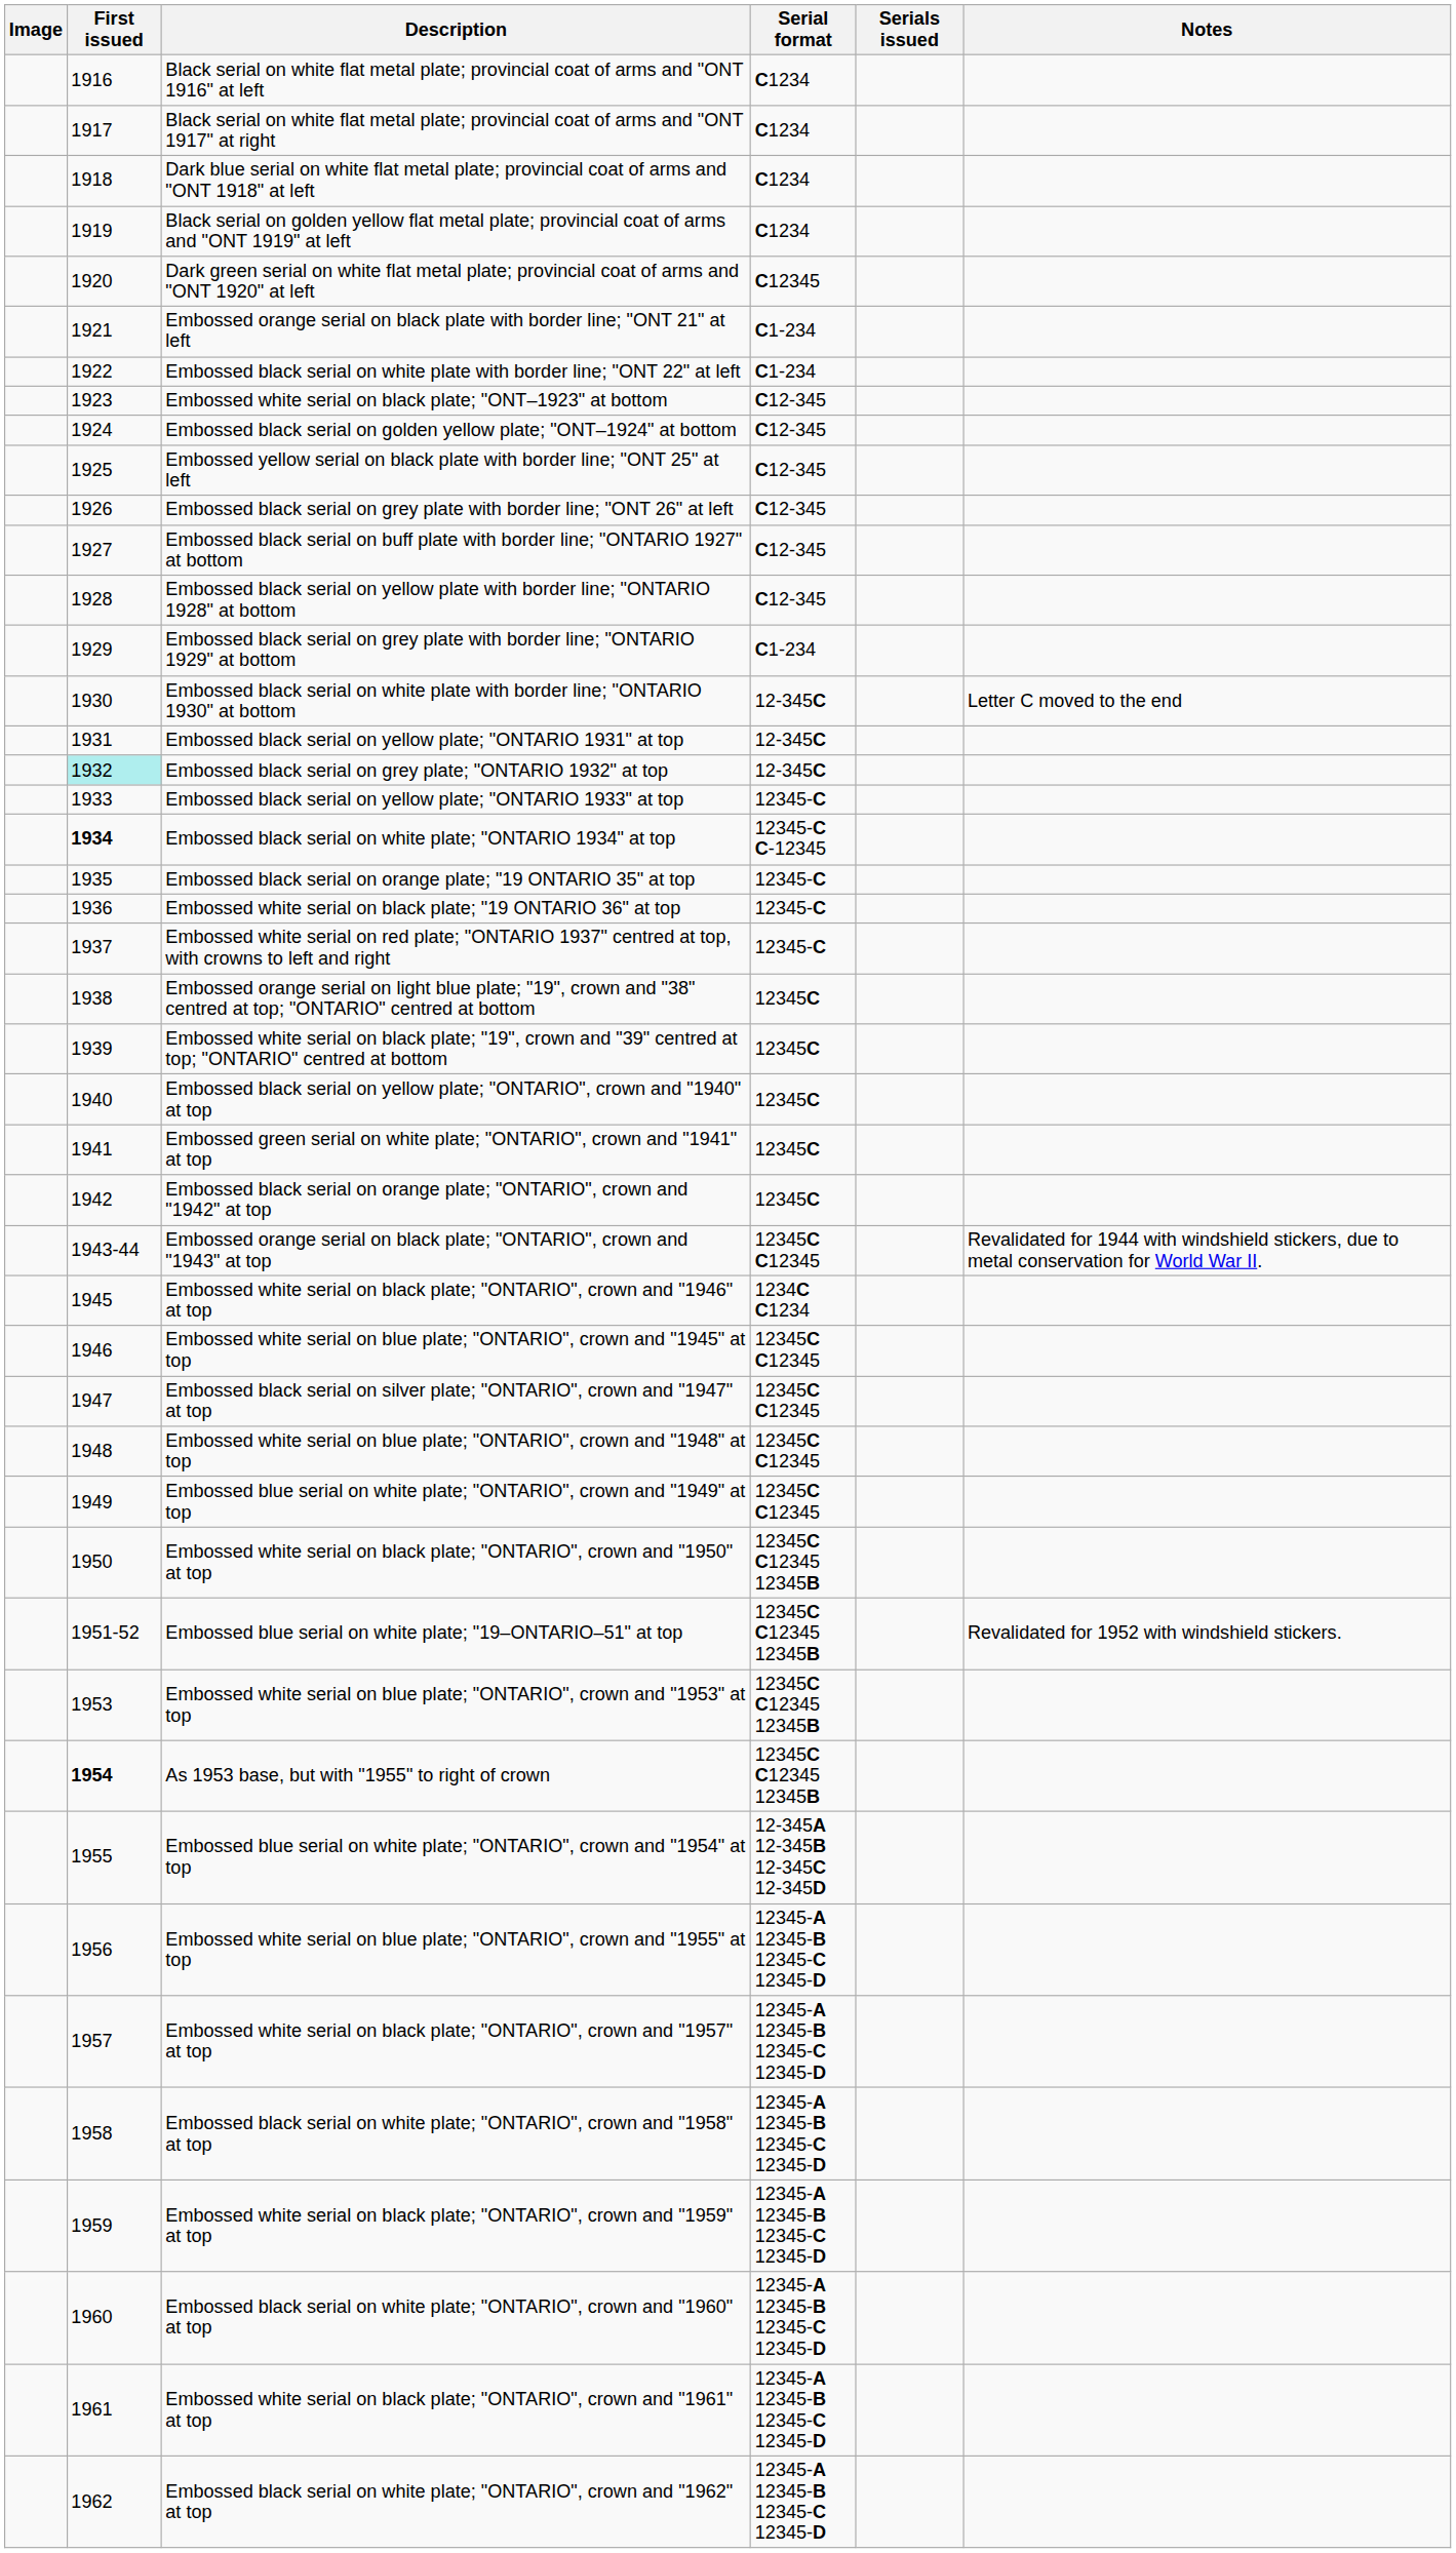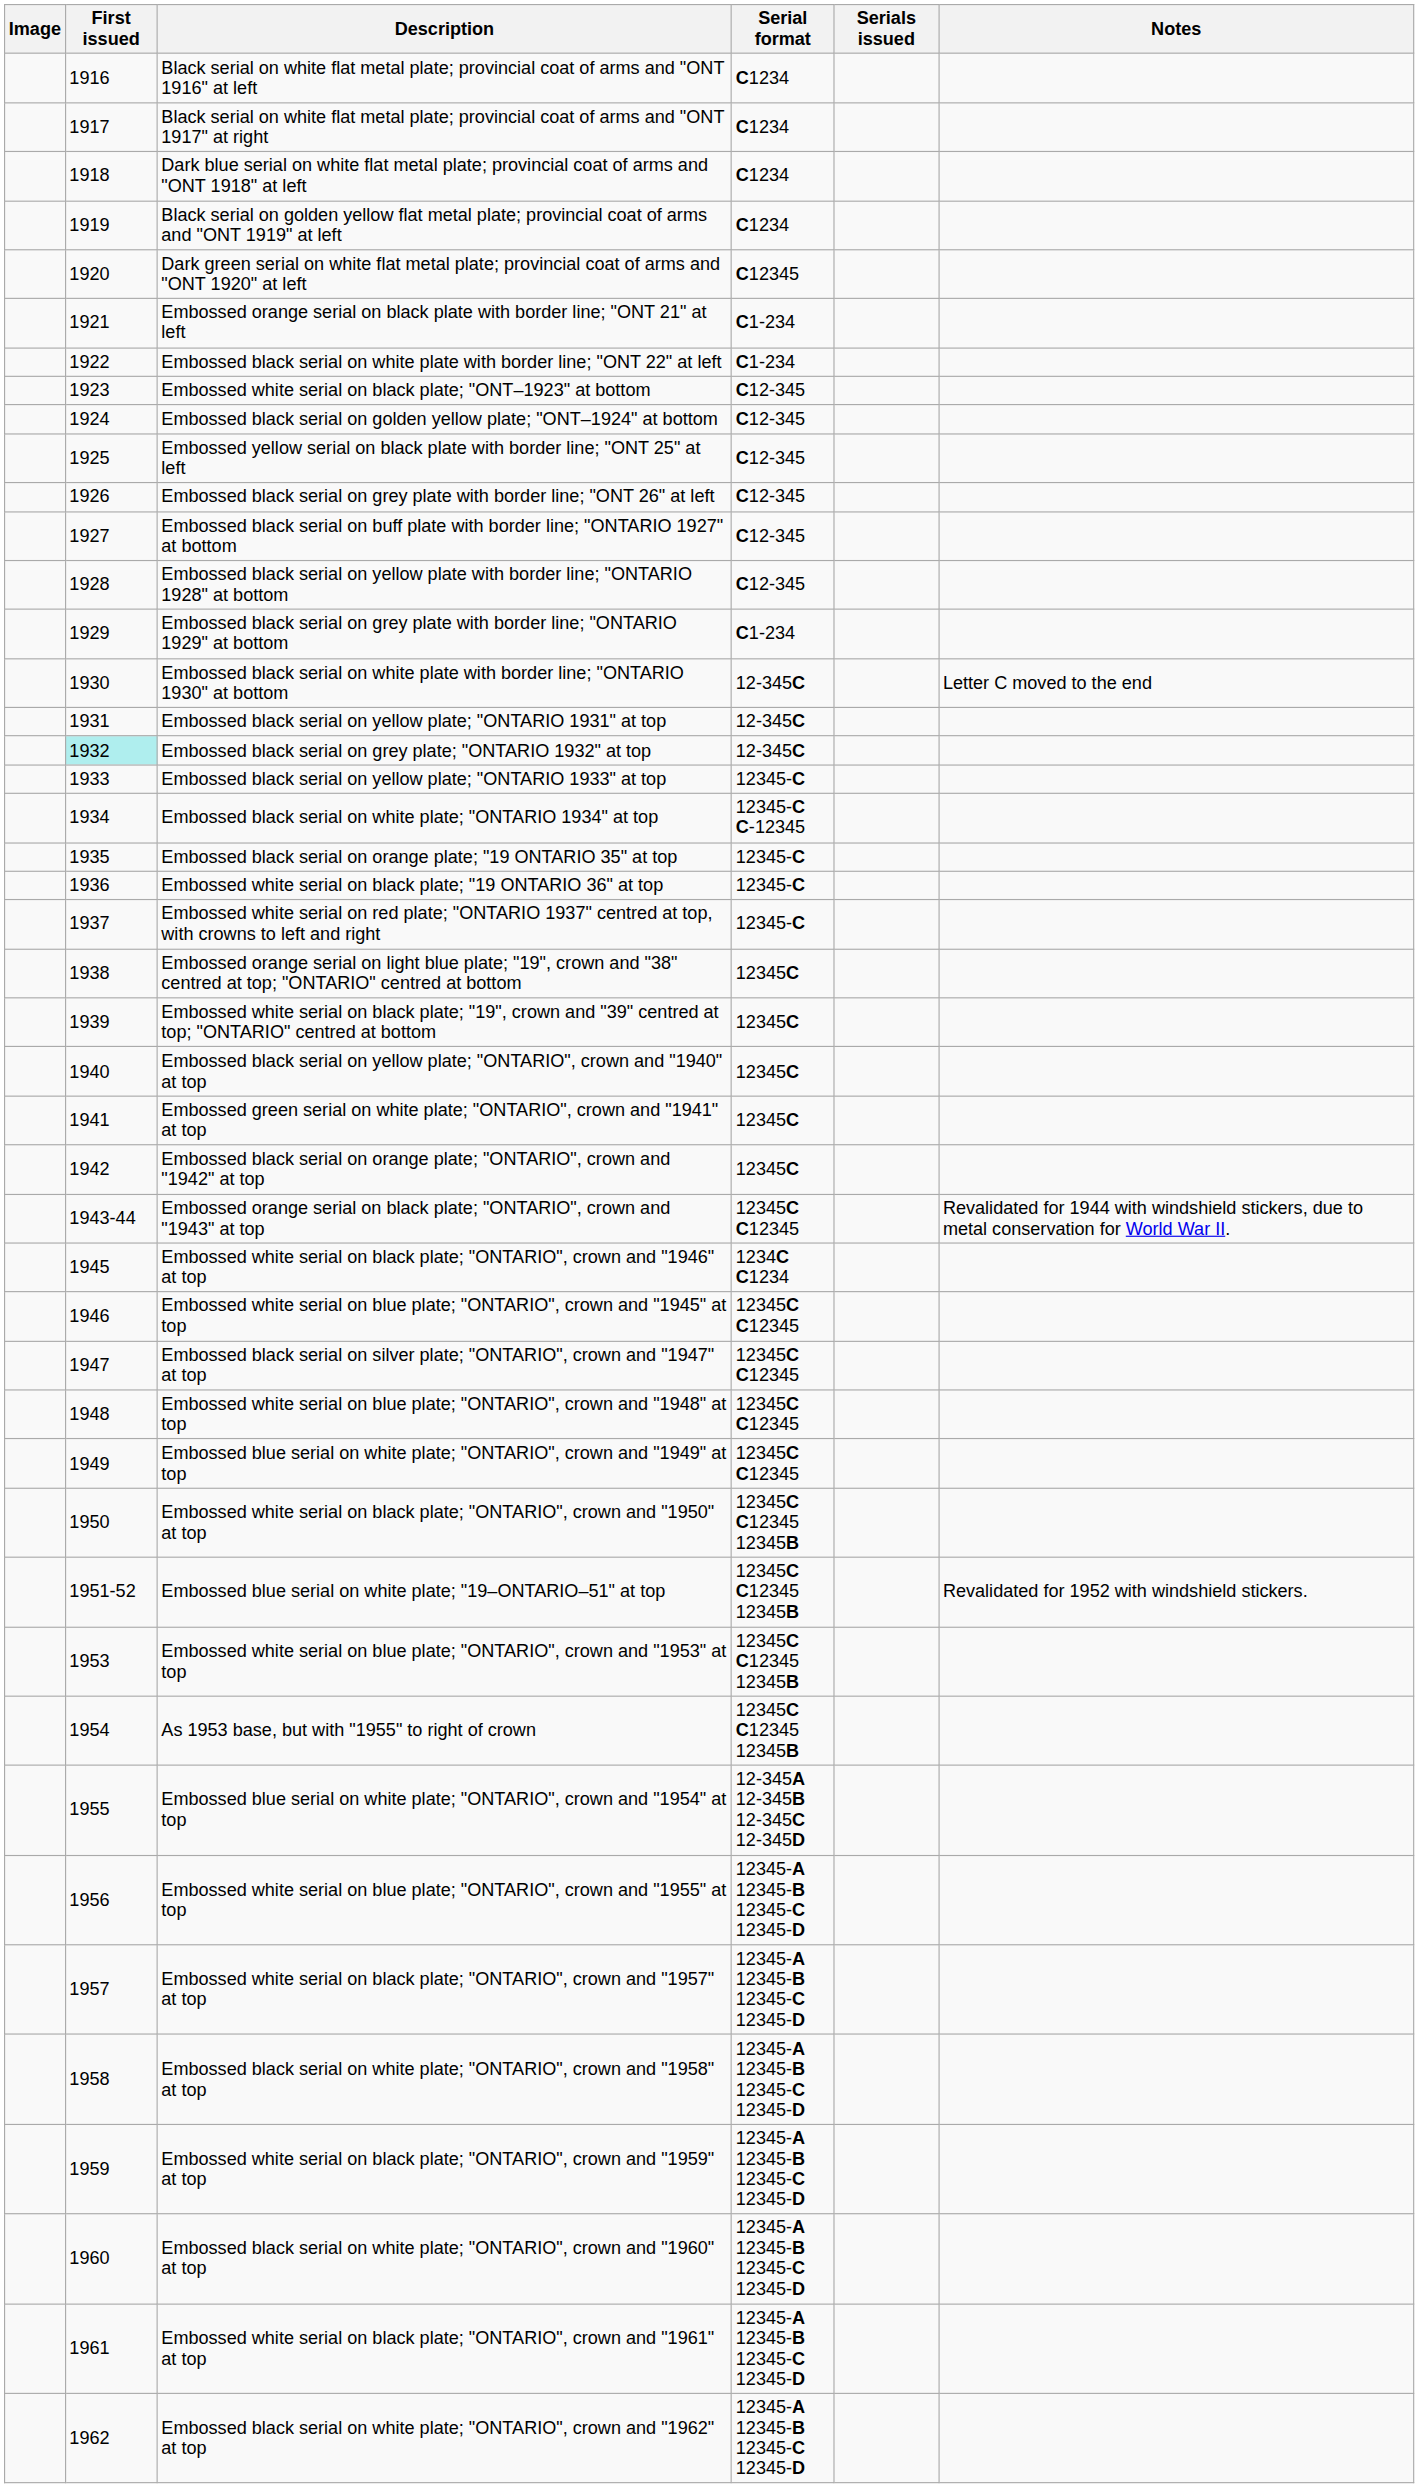 <table class="wikitable">
 <tr>
 <th>Image</th>
 <th>First issued</th>
 <th>Description</th>
 <th>Serial format</th>
 <th>Serials issued</th>
 <th>Notes</th>
 </tr>
 <tr>
 <td></td>
 <td>1916</td>
 <td>Black serial on white flat metal plate; provincial coat of arms and "ONT 1916" at left</td>
 <td><strong>C</strong>1234</td>
 <td></td>
 <td></td>
 </tr>
 <tr>
 <td></td>
 <td>1917</td>
 <td>Black serial on white flat metal plate; provincial coat of arms and "ONT 1917" at right</td>
 <td><strong>C</strong>1234</td>
 <td></td>
 <td></td>
 </tr>
 <tr>
 <td></td>
 <td>1918</td>
 <td>Dark blue serial on white flat metal plate; provincial coat of arms and "ONT 1918" at left</td>
 <td><strong>C</strong>1234</td>
 <td></td>
 <td></td>
 </tr>
 <tr>
 <td></td>
 <td>1919</td>
 <td>Black serial on golden yellow flat metal plate; provincial coat of arms and "ONT 1919" at left</td>
 <td><strong>C</strong>1234</td>
 <td></td>
 <td></td>
 </tr>
 <tr>
 <td></td>
 <td>1920</td>
 <td>Dark green serial on white flat metal plate; provincial coat of arms and "ONT 1920" at left</td>
 <td><strong>C</strong>12345</td>
 <td></td>
 <td></td>
 </tr>
 <tr>
 <td></td>
 <td>1921</td>
 <td>Embossed orange serial on black plate with border line; "ONT 21" at left</td>
 <td><strong>C</strong>1-234</td>
 <td></td>
 <td></td>
 </tr>
 <tr>
 <td></td>
 <td>1922</td>
 <td>Embossed black serial on white plate with border line; "ONT 22" at left</td>
 <td><strong>C</strong>1-234</td>
 <td></td>
 <td></td>
 </tr>
 <tr>
 <td></td>
 <td>1923</td>
 <td>Embossed white serial on black plate; "ONT–1923" at bottom</td>
 <td><strong>C</strong>12-345</td>
 <td></td>
 <td></td>
 </tr>
 <tr>
 <td></td>
 <td>1924</td>
 <td>Embossed black serial on golden yellow plate; "ONT–1924" at bottom</td>
 <td><strong>C</strong>12-345</td>
 <td></td>
 <td></td>
 </tr>
 <tr>
 <td></td>
 <td>1925</td>
 <td>Embossed yellow serial on black plate with border line; "ONT 25" at left</td>
 <td><strong>C</strong>12-345</td>
 <td></td>
 <td></td>
 </tr>
 <tr>
 <td></td>
 <td>1926</td>
 <td>Embossed black serial on grey plate with border line; "ONT 26" at left</td>
 <td><strong>C</strong>12-345</td>
 <td></td>
 <td></td>
 </tr>
 <tr>
 <td></td>
 <td>1927</td>
 <td>Embossed black serial on buff plate with border line; "ONTARIO 1927" at bottom</td>
 <td><strong>C</strong>12-345</td>
 <td></td>
 <td></td>
 </tr>
 <tr>
 <td></td>
 <td>1928</td>
 <td>Embossed black serial on yellow plate with border line; "ONTARIO 1928" at bottom</td>
 <td><strong>C</strong>12-345</td>
 <td></td>
 <td></td>
 </tr>
 <tr>
 <td></td>
 <td>1929</td>
 <td>Embossed black serial on grey plate with border line; "ONTARIO 1929" at bottom</td>
 <td><strong>C</strong>1-234</td>
 <td></td>
 <td></td>
 </tr>
 <tr>
 <td></td>
 <td>1930</td>
 <td>Embossed black serial on white plate with border line; "ONTARIO 1930" at bottom</td>
 <td>12-345<strong>C</strong></td>
 <td></td>
 <td>Letter C moved to the end</td>
 </tr>
 <tr>
 <td></td>
 <td>1931</td>
 <td>Embossed black serial on yellow plate; "ONTARIO 1931" at top</td>
 <td>12-345<strong>C</strong></td>
 <td></td>
 <td></td>
 </tr>
 <tr>
 <td></td>
 <td style="background: paleturquoise;">1932</td>
 <td>Embossed black serial on grey plate; "ONTARIO 1932" at top</td>
 <td>12-345<strong>C</strong></td>
 <td></td>
 <td></td>
 </tr>
 <tr>
 <td></td>
 <td>1933</td>
 <td>Embossed black serial on yellow plate; "ONTARIO 1933" at top</td>
 <td>12345-<strong>C</strong></td>
 <td></td>
 <td></td>
 </tr>
 <tr>
 <td></td>
-<td><strong>1934</strong></td>
+<td>1934</td>
 <td>Embossed black serial on white plate; "ONTARIO 1934" at top</td>
 <td>12345-<strong>C</strong><br> <strong>C</strong>-12345</td>
 <td></td>
 <td></td>
 </tr>
 <tr>
 <td></td>
 <td>1935</td>
 <td>Embossed black serial on orange plate; "19 ONTARIO 35" at top</td>
 <td>12345-<strong>C</strong></td>
 <td></td>
 <td></td>
 </tr>
 <tr>
 <td></td>
 <td>1936</td>
 <td>Embossed white serial on black plate; "19 ONTARIO 36" at top</td>
 <td>12345-<strong>C</strong></td>
 <td></td>
 <td></td>
 </tr>
 <tr>
 <td></td>
 <td>1937</td>
 <td>Embossed white serial on red plate; "ONTARIO 1937" centred at top, with crowns to left and right</td>
 <td>12345-<strong>C</strong></td>
 <td></td>
 <td></td>
 </tr>
 <tr>
 <td></td>
 <td>1938</td>
 <td>Embossed orange serial on light blue plate; "19", crown and "38" centred at top; "ONTARIO" centred at bottom</td>
 <td>12345<strong>C</strong></td>
 <td></td>
 <td></td>
 </tr>
 <tr>
 <td></td>
 <td>1939</td>
 <td>Embossed white serial on black plate; "19", crown and "39" centred at top; "ONTARIO" centred at bottom</td>
 <td>12345<strong>C</strong></td>
 <td></td>
 <td></td>
 </tr>
 <tr>
 <td></td>
 <td>1940</td>
 <td>Embossed black serial on yellow plate; "ONTARIO", crown and "1940" at top</td>
 <td>12345<strong>C</strong></td>
 <td></td>
 <td></td>
 </tr>
 <tr>
 <td></td>
 <td>1941</td>
 <td>Embossed green serial on white plate; "ONTARIO", crown and "1941" at top</td>
 <td>12345<strong>C</strong></td>
 <td></td>
 <td></td>
 </tr>
 <tr>
 <td></td>
 <td>1942</td>
 <td>Embossed black serial on orange plate; "ONTARIO", crown and "1942" at top</td>
 <td>12345<strong>C</strong></td>
 <td></td>
 <td></td>
 </tr>
 <tr>
 <td></td>
 <td>1943-44</td>
 <td>Embossed orange serial on black plate; "ONTARIO", crown and "1943" at top</td>
 <td>12345<strong>C</strong> <br> <strong>C</strong>12345</td>
 <td></td>
 <td>Revalidated for 1944 with windshield stickers, due to metal conservation for <a href='#'>World War II</a>.</td>
 </tr>
 <tr>
 <td></td>
 <td>1945</td>
 <td>Embossed white serial on black plate; "ONTARIO", crown and "1946" at top</td>
 <td>1234<strong>C</strong> <br> <strong>C</strong>1234</td>
 <td></td>
 <td></td>
 </tr>
 <tr>
 <td></td>
 <td>1946</td>
 <td>Embossed white serial on blue plate; "ONTARIO", crown and "1945" at top</td>
 <td>12345<strong>C</strong> <br> <strong>C</strong>12345</td>
 <td></td>
 <td></td>
 </tr>
 <tr>
 <td></td>
 <td>1947</td>
 <td>Embossed black serial on silver plate; "ONTARIO", crown and "1947" at top</td>
 <td>12345<strong>C</strong> <br> <strong>C</strong>12345</td>
 <td></td>
 <td></td>
 </tr>
 <tr>
 <td></td>
 <td>1948</td>
 <td>Embossed white serial on blue plate; "ONTARIO", crown and "1948" at top</td>
 <td>12345<strong>C</strong> <br> <strong>C</strong>12345</td>
 <td></td>
 <td></td>
 </tr>
 <tr>
 <td></td>
 <td>1949</td>
 <td>Embossed blue serial on white plate; "ONTARIO", crown and "1949" at top</td>
 <td>12345<strong>C</strong> <br> <strong>C</strong>12345</td>
 <td></td>
 <td></td>
 </tr>
 <tr>
 <td></td>
 <td>1950</td>
 <td>Embossed white serial on black plate; "ONTARIO", crown and "1950" at top</td>
 <td>12345<strong>C</strong> <br> <strong>C</strong>12345 <br> 12345<strong>B</strong></td>
 <td></td>
 <td></td>
 </tr>
 <tr>
 <td></td>
 <td>1951-52</td>
 <td>Embossed blue serial on white plate; "19–ONTARIO–51" at top</td>
 <td>12345<strong>C</strong> <br> <strong>C</strong>12345 <br> 12345<strong>B</strong></td>
 <td></td>
 <td>Revalidated for 1952 with windshield stickers.</td>
 </tr>
 <tr>
 <td></td>
 <td>1953</td>
 <td>Embossed white serial on blue plate; "ONTARIO", crown and "1953" at top</td>
 <td>12345<strong>C</strong> <br> <strong>C</strong>12345 <br> 12345<strong>B</strong></td>
 <td></td>
 <td></td>
 </tr>
 <tr>
 <td></td>
-<td><strong>1954</strong></td>
+<td>1954</td>
 <td>As 1953 base, but with "1955" to right of crown</td>
 <td>12345<strong>C</strong> <br> <strong>C</strong>12345 <br> 12345<strong>B</strong></td>
 <td></td>
 <td></td>
 </tr>
 <tr>
 <td></td>
 <td>1955</td>
 <td>Embossed blue serial on white plate; "ONTARIO", crown and "1954" at top</td>
 <td>12-345<strong>A</strong> <br> 12-345<strong>B</strong> <br> 12-345<strong>C</strong> <br> 12-345<strong>D</strong></td>
 <td></td>
 <td></td>
 </tr>
 <tr>
 <td></td>
 <td>1956</td>
 <td>Embossed white serial on blue plate; "ONTARIO", crown and "1955" at top</td>
 <td>12345-<strong>A</strong> <br> 12345-<strong>B</strong> <br> 12345-<strong>C</strong> <br> 12345-<strong>D</strong></td>
 <td></td>
 <td></td>
 </tr>
 <tr>
 <td></td>
 <td>1957</td>
 <td>Embossed white serial on black plate; "ONTARIO", crown and "1957" at top</td>
 <td>12345-<strong>A</strong> <br> 12345-<strong>B</strong> <br> 12345-<strong>C</strong> <br> 12345-<strong>D</strong></td>
 <td></td>
 <td></td>
 </tr>
 <tr>
 <td></td>
 <td>1958</td>
 <td>Embossed black serial on white plate; "ONTARIO", crown and "1958" at top</td>
 <td>12345-<strong>A</strong> <br> 12345-<strong>B</strong> <br> 12345-<strong>C</strong> <br> 12345-<strong>D</strong></td>
 <td></td>
 <td></td>
 </tr>
 <tr>
 <td></td>
 <td>1959</td>
 <td>Embossed white serial on black plate; "ONTARIO", crown and "1959" at top</td>
 <td>12345-<strong>A</strong> <br> 12345-<strong>B</strong> <br> 12345-<strong>C</strong> <br> 12345-<strong>D</strong></td>
 <td></td>
 <td></td>
 </tr>
 <tr>
 <td></td>
 <td>1960</td>
 <td>Embossed black serial on white plate; "ONTARIO", crown and "1960" at top</td>
 <td>12345-<strong>A</strong> <br> 12345-<strong>B</strong> <br> 12345-<strong>C</strong> <br> 12345-<strong>D</strong></td>
 <td></td>
 <td></td>
 </tr>
 <tr>
 <td></td>
 <td>1961</td>
 <td>Embossed white serial on black plate; "ONTARIO", crown and "1961" at top</td>
 <td>12345-<strong>A</strong> <br> 12345-<strong>B</strong> <br> 12345-<strong>C</strong> <br> 12345-<strong>D</strong></td>
 <td></td>
 <td></td>
 </tr>
 <tr>
 <td></td>
 <td>1962</td>
 <td>Embossed black serial on white plate; "ONTARIO", crown and "1962" at top</td>
 <td>12345-<strong>A</strong> <br> 12345-<strong>B</strong> <br> 12345-<strong>C</strong> <br> 12345-<strong>D</strong></td>
 <td></td>
 <td></td>
 </tr>
 </table>
